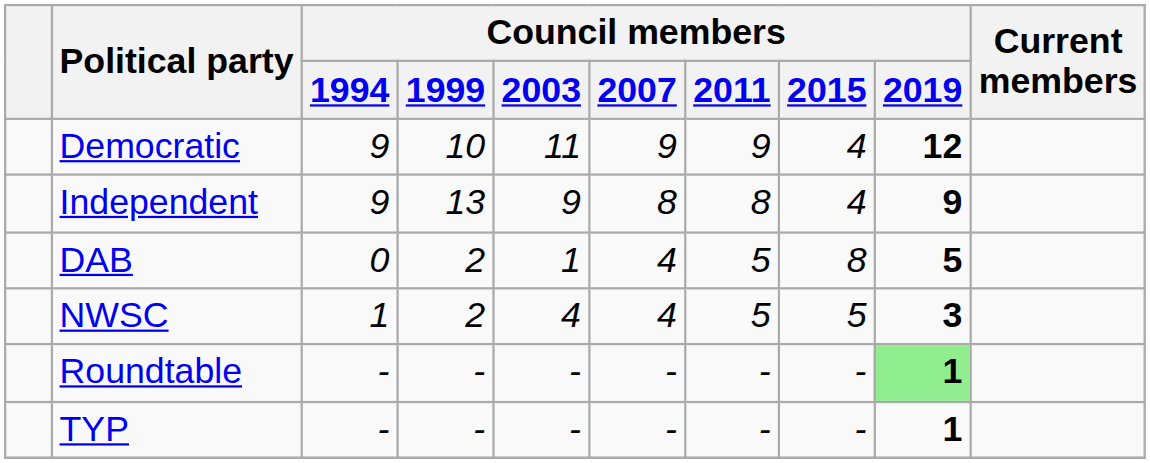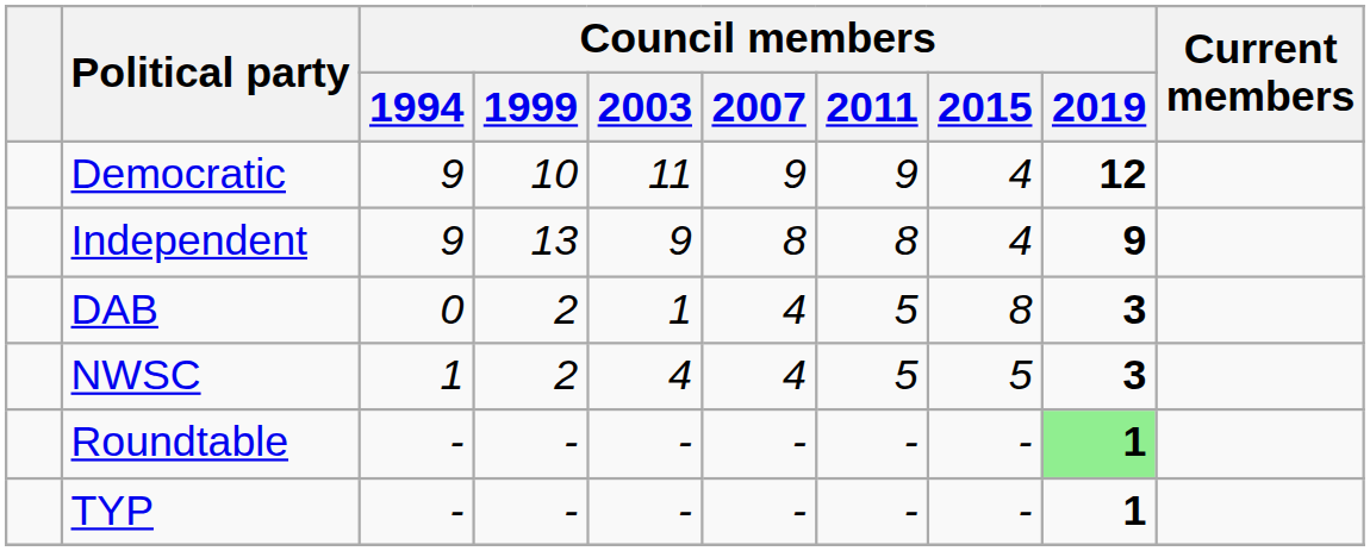 <table class="wikitable">
 <tr>
 <th rowspan="2">   </th>
 <th rowspan="2">Political party</th>
 <th colspan="7">Council members</th>
 <th colspan="12" rowspan="2">Current<br>members</th>
 </tr>
 <tr>
 <th><a href='#'>1994</a></th>
 <th><a href='#'>1999</a></th>
 <th><a href='#'>2003</a></th>
 <th><a href='#'>2007</a></th>
 <th><a href='#'>2011</a></th>
 <th><a href='#'>2015</a></th>
 <th><a href='#'>2019</a></th>
 </tr>
 <tr>
 <td bgcolor=> </td>
 <td><a href='#'>Democratic</a></td>
 <td style="text-align: right"><em>9</em></td>
 <td style="text-align: right"><em>10</em></td>
 <td style="text-align: right"><em>11</em></td>
 <td style="text-align: right"><em>9</em></td>
 <td style="text-align: right"><em>9</em></td>
 <td style="text-align: right"><em>4</em></td>
 <td style="text-align: right"><strong>12</strong></td>
 <td></td>
 </tr>
 <tr>
 <td bgcolor=> </td>
 <td><a href='#'>Independent</a></td>
 <td style="text-align: right"><em>9</em></td>
 <td style="text-align: right"><em>13</em></td>
 <td style="text-align: right"><em>9</em></td>
 <td style="text-align: right"><em>8</em></td>
 <td style="text-align: right"><em>8</em></td>
 <td style="text-align: right"><em>4</em></td>
 <td style="text-align: right"><strong>9</strong></td>
 <td></td>
 </tr>
 <tr>
 <td bgcolor=> </td>
 <td><a href='#'>DAB</a></td>
 <td style="text-align: right"><em>0</em></td>
 <td style="text-align: right"><em>2</em></td>
 <td style="text-align: right"><em>1</em></td>
 <td style="text-align: right"><em>4</em></td>
 <td style="text-align: right"><em>5</em></td>
 <td style="text-align: right"><em>8</em></td>
-<td style="text-align: right"><strong>5</strong></td>
+<td style="text-align: right"><strong>3</strong></td>
 <td></td>
 </tr>
 <tr>
 <td style="background-color:"> </td>
 <td><a href='#'>NWSC</a></td>
 <td style="text-align: right"><em>1</em></td>
 <td style="text-align: right"><em>2</em></td>
 <td style="text-align: right"><em>4</em></td>
 <td style="text-align: right"><em>4</em></td>
 <td style="text-align: right"><em>5</em></td>
 <td style="text-align: right"><em>5</em></td>
 <td style="text-align: right"><strong>3</strong></td>
 <td></td>
 </tr>
 <tr>
 <td bgcolor=> </td>
 <td><a href='#'>Roundtable</a></td>
 <td style="text-align: right"><em>-</em></td>
 <td style="text-align: right"><em>-</em></td>
 <td style="text-align: right"><em>-</em></td>
 <td style="text-align: right"><em>-</em></td>
 <td style="text-align: right"><em>-</em></td>
 <td style="text-align: right"><em>-</em></td>
 <td style="background: lightgreen; text-align: right"><strong>1</strong></td>
 <td></td>
 </tr>
 <tr>
 <td bgcolor=> </td>
 <td><a href='#'>TYP</a></td>
 <td style="text-align: right"><em>-</em></td>
 <td style="text-align: right"><em>-</em></td>
 <td style="text-align: right"><em>-</em></td>
 <td style="text-align: right"><em>-</em></td>
 <td style="text-align: right"><em>-</em></td>
 <td style="text-align: right"><em>-</em></td>
 <td style="text-align: right"><strong>1</strong></td>
 <td></td>
 </tr>
 <tr>
 </tr>
 </table>
